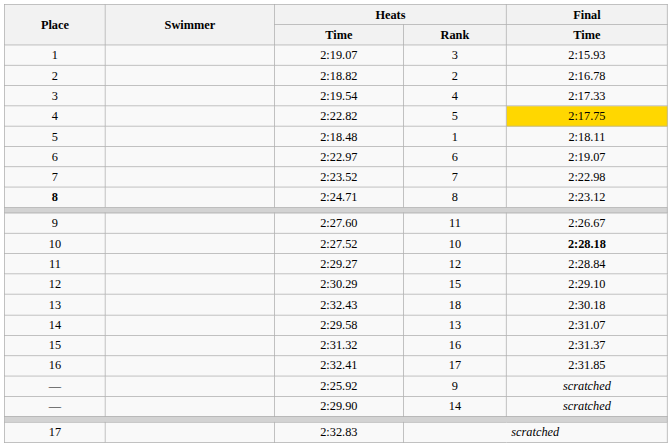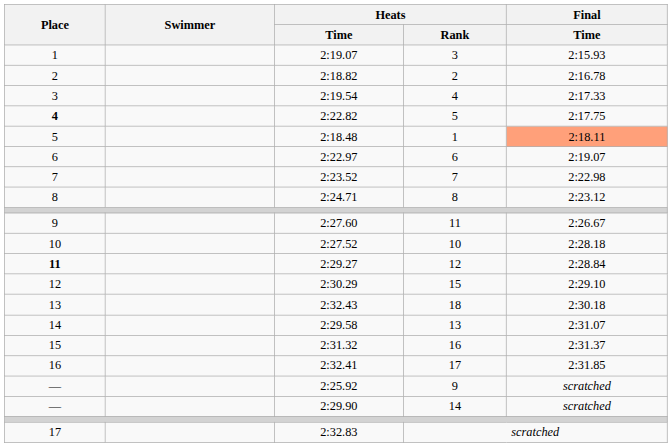 <table class="wikitable" style=" text-align:center; font-size:110%;" width="75%">
 <tr>
 <th rowspan="2">Place</th>
 <th rowspan="2">Swimmer</th>
 <th colspan="2">Heats</th>
 <th>Final</th>
 </tr>
 <tr>
 <th>Time</th>
 <th>Rank</th>
 <th>Time</th>
 </tr>
 <tr>
 <td>1</td>
 <td align="left"></td>
 <td>2:19.07</td>
 <td>3</td>
 <td>2:15.93</td>
 </tr>
 <tr>
 <td>2</td>
 <td align="left"></td>
 <td>2:18.82</td>
 <td>2</td>
 <td>2:16.78</td>
 </tr>
 <tr>
 <td>3</td>
 <td align=left></td>
 <td>2:19.54</td>
 <td>4</td>
 <td>2:17.33</td>
 </tr>
 <tr>
-<td>4</td>
+<td><strong>4</strong></td>
 <td align=left></td>
 <td>2:22.82</td>
 <td>5</td>
-<td style="background: gold;">2:17.75</td>
+<td>2:17.75</td>
 </tr>
 <tr>
 <td>5</td>
 <td align=left></td>
 <td>2:18.48</td>
 <td>1</td>
-<td>2:18.11</td>
+<td style="background: lightsalmon;">2:18.11</td>
 </tr>
 <tr>
 <td>6</td>
 <td align=left></td>
 <td>2:22.97</td>
 <td>6</td>
 <td>2:19.07</td>
 </tr>
 <tr>
 <td>7</td>
 <td align=left></td>
 <td>2:23.52</td>
 <td>7</td>
 <td>2:22.98</td>
 </tr>
 <tr>
-<td><strong>8</strong></td>
+<td>8</td>
 <td align=left></td>
 <td>2:24.71</td>
 <td>8</td>
 <td>2:23.12</td>
 </tr>
 <tr>
 <td colspan=5 bgcolor=lightgray></td>
 </tr>
 <tr>
 <td>9</td>
 <td align="left"></td>
 <td>2:27.60</td>
 <td>11</td>
 <td>2:26.67</td>
 </tr>
 <tr>
 <td>10</td>
 <td align="left"></td>
 <td>2:27.52</td>
 <td>10</td>
-<td><strong>2:28.18</strong></td>
+<td>2:28.18</td>
 </tr>
 <tr>
-<td>11</td>
+<td><strong>11</strong></td>
 <td align="left"></td>
 <td>2:29.27</td>
 <td>12</td>
 <td>2:28.84</td>
 </tr>
 <tr>
 <td>12</td>
 <td align="left"></td>
 <td>2:30.29</td>
 <td>15</td>
 <td>2:29.10</td>
 </tr>
 <tr>
 <td>13</td>
 <td align="left"></td>
 <td>2:32.43</td>
 <td>18</td>
 <td>2:30.18</td>
 </tr>
 <tr>
 <td>14</td>
 <td align="left"></td>
 <td>2:29.58</td>
 <td>13</td>
 <td>2:31.07</td>
 </tr>
 <tr>
 <td>15</td>
 <td align="left"></td>
 <td>2:31.32</td>
 <td>16</td>
 <td>2:31.37</td>
 </tr>
 <tr>
 <td>16</td>
 <td align="left"></td>
 <td>2:32.41</td>
 <td>17</td>
 <td>2:31.85</td>
 </tr>
 <tr>
 <td>—</td>
 <td align="left"></td>
 <td>2:25.92</td>
 <td>9</td>
 <td><em>scratched</em></td>
 </tr>
 <tr>
 <td>—</td>
 <td align="left"></td>
 <td>2:29.90</td>
 <td>14</td>
 <td><em>scratched</em></td>
 </tr>
 <tr>
 <td colspan=5 bgcolor=lightgray></td>
 </tr>
 <tr>
 <td>17</td>
 <td align="left"></td>
 <td>2:32.83</td>
 <td colspan="2" rowspan=1><em>scratched</em></td>
 </tr>
 </table>
